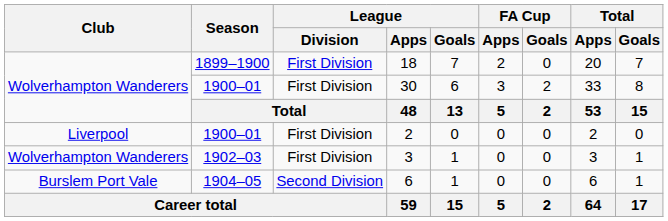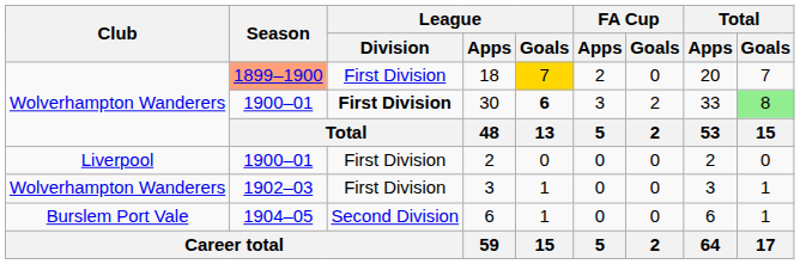 <table class="wikitable" style="text-align: center;">
 <tr>
 <th rowspan="2">Club</th>
 <th rowspan="2">Season</th>
 <th colspan="3">League</th>
 <th colspan="2">FA Cup</th>
 <th colspan="2">Total</th>
 </tr>
 <tr>
 <th>Division</th>
 <th>Apps</th>
 <th>Goals</th>
 <th>Apps</th>
 <th>Goals</th>
 <th>Apps</th>
 <th>Goals</th>
 </tr>
 <tr>
 <td rowspan="3"><a href='#'>Wolverhampton Wanderers</a></td>
-<td><a href='#'>1899–1900</a></td>
+<td style="background: lightsalmon;"><a href='#'>1899–1900</a></td>
 <td><a href='#'>First Division</a></td>
 <td>18</td>
-<td>7</td>
+<td style="background: gold;">7</td>
 <td>2</td>
 <td>0</td>
 <td>20</td>
 <td>7</td>
 </tr>
 <tr>
 <td><a href='#'>1900–01</a></td>
-<td>First Division</td>
+<td><strong>First Division</strong></td>
 <td>30</td>
-<td>6</td>
+<td><strong>6</strong></td>
 <td>3</td>
 <td>2</td>
 <td>33</td>
-<td>8</td>
+<td style="background: lightgreen;">8</td>
 </tr>
 <tr>
 <th colspan="2">Total</th>
 <th>48</th>
 <th>13</th>
 <th>5</th>
 <th>2</th>
 <th>53</th>
 <th>15</th>
 </tr>
 <tr>
 <td><a href='#'>Liverpool</a></td>
 <td><a href='#'>1900–01</a></td>
 <td>First Division</td>
 <td>2</td>
 <td>0</td>
 <td>0</td>
 <td>0</td>
 <td>2</td>
 <td>0</td>
 </tr>
 <tr>
 <td><a href='#'>Wolverhampton Wanderers</a></td>
 <td><a href='#'>1902–03</a></td>
 <td>First Division</td>
 <td>3</td>
 <td>1</td>
 <td>0</td>
 <td>0</td>
 <td>3</td>
 <td>1</td>
 </tr>
 <tr>
 <td><a href='#'>Burslem Port Vale</a></td>
 <td><a href='#'>1904–05</a></td>
 <td><a href='#'>Second Division</a></td>
 <td>6</td>
 <td>1</td>
 <td>0</td>
 <td>0</td>
 <td>6</td>
 <td>1</td>
 </tr>
 <tr>
 <th colspan="3">Career total</th>
 <th>59</th>
 <th>15</th>
 <th>5</th>
 <th>2</th>
 <th>64</th>
 <th>17</th>
 </tr>
 </table>
